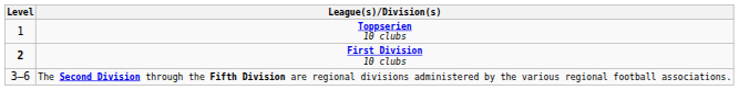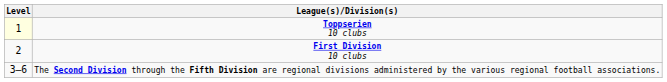 <table class="wikitable" style="text-align: center;">
 <tr>
 <th>Level</th>
 <th colspan="6">League(s)/Division(s)</th>
 </tr>
 <tr>
-<td><big>1</big></td>
+<td style="background: lightyellow;"><big>1</big></td>
 <td colspan="6"><strong><a href='#'>Toppserien</a></strong><br><em>10 clubs</em></td>
 </tr>
 <tr>
-<td><strong><big>2</big></strong></td>
+<td><big>2</big></td>
 <td colspan="6"><strong><a href='#'>First Division</a></strong><br><em>10 clubs</em></td>
 </tr>
 <tr>
 <td><big>3–6</big></td>
 <td colspan="12">The <strong><a href='#'>Second Division</a></strong> through the <strong>Fifth Division</strong> are regional divisions administered by the various regional football associations.</td>
 </tr>
 </table>
